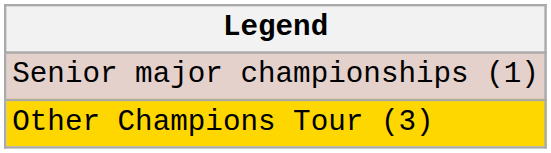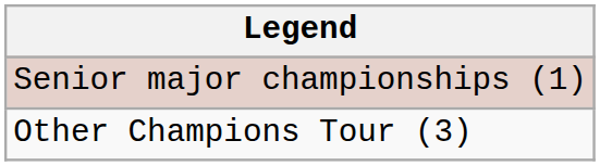 <table class="wikitable" style="font-size:95%;">
 <tr>
 <th>Legend</th>
 </tr>
 <tr style="background:#e5d1cb;">
 <td>Senior major championships (1)</td>
 </tr>
 <tr>
-<td style="background: gold;">Other Champions Tour (3)</td>
+<td>Other Champions Tour (3)</td>
 </tr>
 </table>
